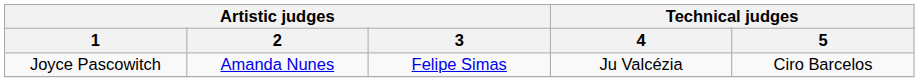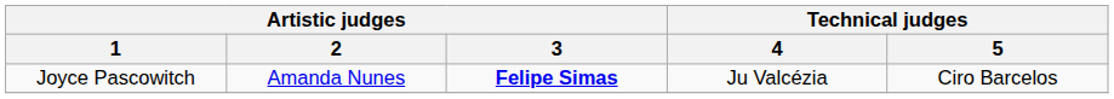 <table class="wikitable" style="font-size:100%; line-height:16px; text-align:center" width="100%">
 <tr>
 <th colspan=3>Artistic judges</th>
 <th colspan=2>Technical judges</th>
 </tr>
 <tr>
 <th width="20.0%">1</th>
 <th width="20.0%">2</th>
 <th width="20.0%">3</th>
 <th width="20.0%">4</th>
 <th width="20.0%">5</th>
 </tr>
 <tr>
 <td>Joyce Pascowitch</td>
 <td><a href='#'>Amanda Nunes</a></td>
-<td><a href='#'>Felipe Simas</a></td>
+<td><strong><a href='#'>Felipe Simas</a></strong></td>
 <td>Ju Valcézia</td>
 <td>Ciro Barcelos</td>
 </tr>
 <tr>
 </tr>
 </table>
